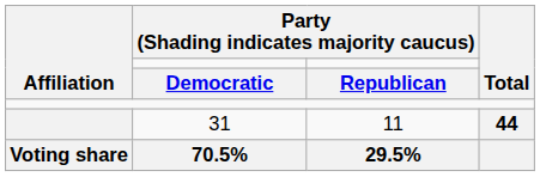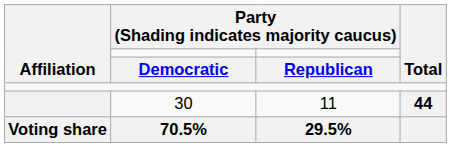 <table class=wikitable style="text-align:center">
 <tr style="vertical-align:bottom;">
 <th rowspan=3>Affiliation</th>
 <th colspan=2>Party <div>(Shading indicates majority caucus)</div></th>
 <th rowspan=3>Total</th>
 </tr>
 <tr style="height:5px">
 <td style="background-color:"></td>
 <td style="background-color:"></td>
 </tr>
 <tr>
 <th><a href='#'>Democratic</a></th>
 <th><a href='#'>Republican</a></th>
 </tr>
 <tr>
 <td colspan=5></td>
 </tr>
 <tr>
 <th nowrap style="font-size:80%"></th>
-<td>31</td>
+<td>30</td>
 <td>11</td>
 <th>44</th>
 </tr>
 <tr>
 <th>Voting share</th>
 <th>70.5%</th>
 <th>29.5% </th>
 <th colspan=2></th>
 </tr>
 </table>
